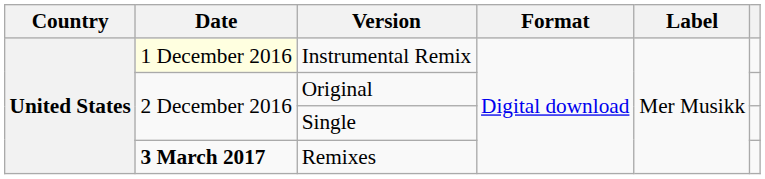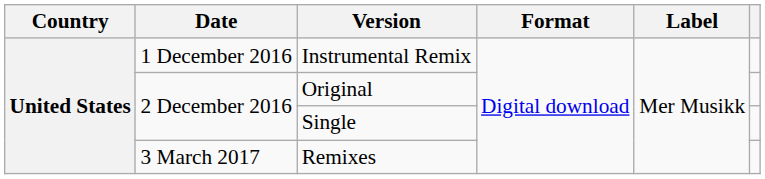 <table class="wikitable plainrowheaders">
 <tr>
 <th scope="col">Country</th>
 <th scope="col">Date</th>
 <th scope="col">Version</th>
 <th scope="col">Format</th>
 <th scope="col">Label</th>
 <th scope="col"></th>
 </tr>
 <tr>
 <th scope="row" rowspan="4">United States</th>
-<td style="background: lightyellow;">1 December 2016</td>
+<td>1 December 2016</td>
 <td>Instrumental Remix</td>
 <td rowspan="4"><a href='#'>Digital download</a></td>
 <td rowspan="4">Mer Musikk</td>
 <td></td>
 </tr>
 <tr>
 <td rowspan="2">2 December 2016</td>
 <td>Original</td>
 <td></td>
 </tr>
 <tr>
 <td>Single</td>
 <td></td>
 </tr>
 <tr>
-<td><strong>3 March 2017</strong></td>
+<td>3 March 2017</td>
 <td>Remixes</td>
 <td></td>
 </tr>
 </table>
